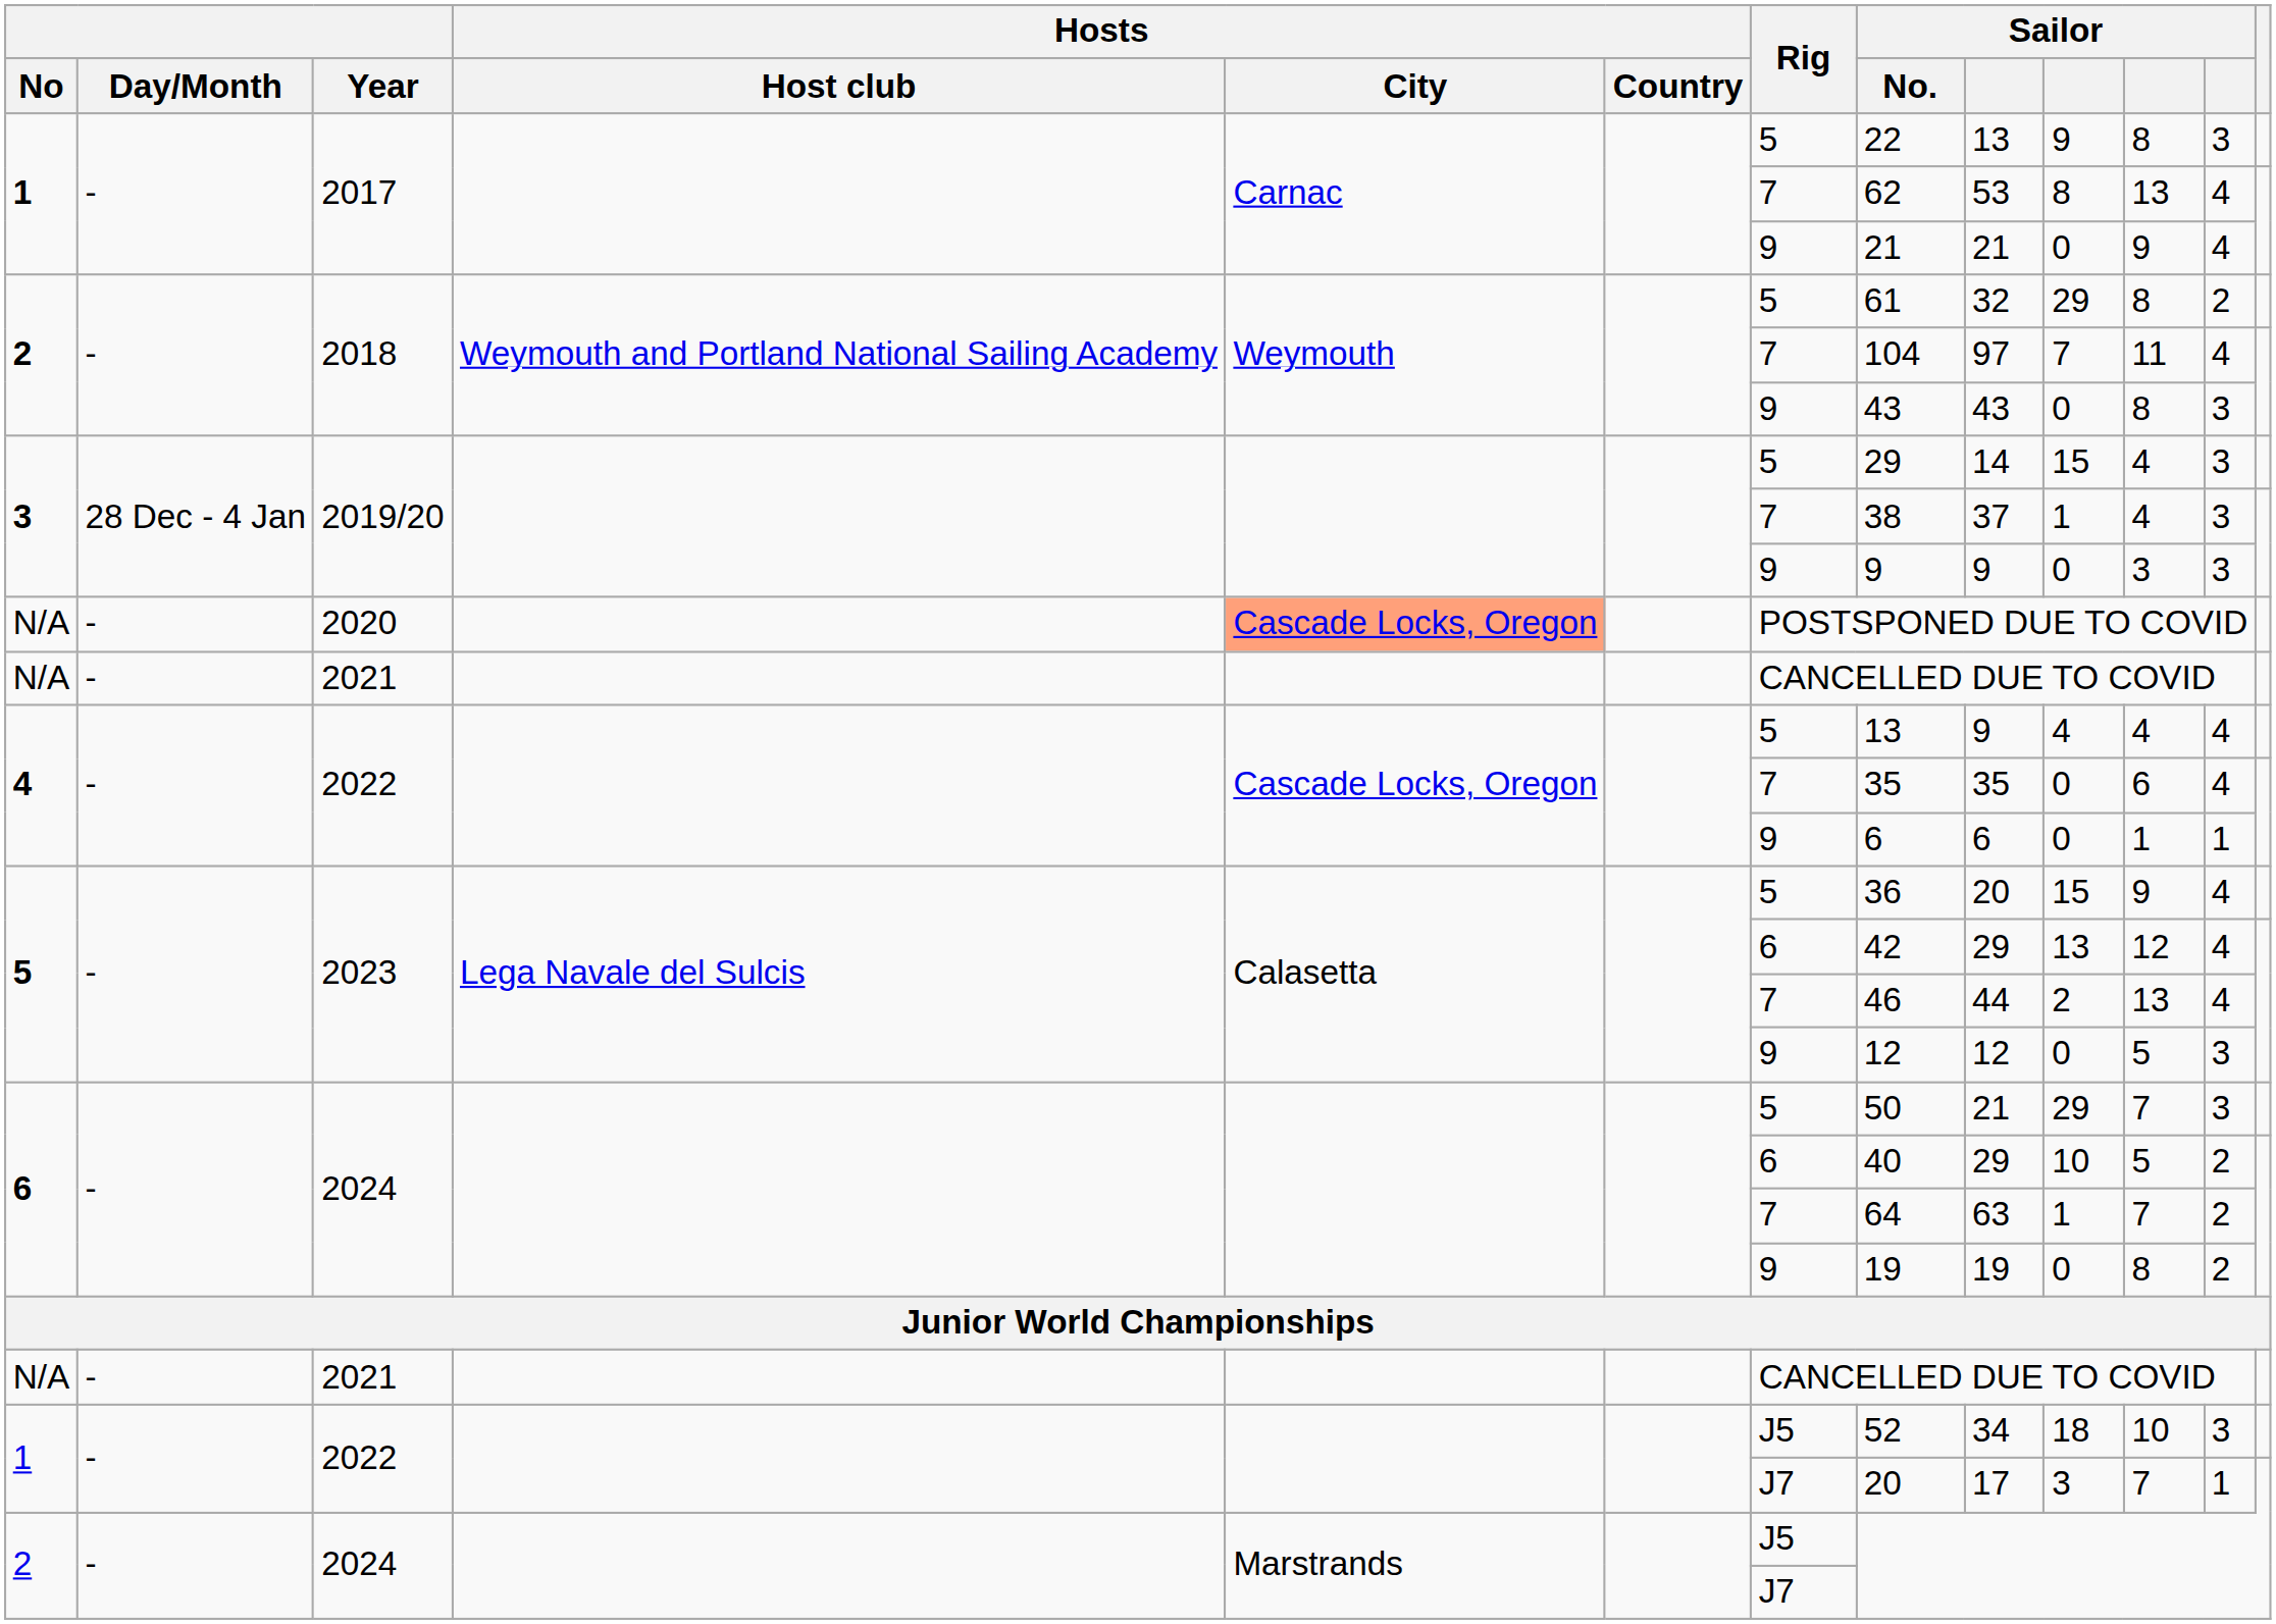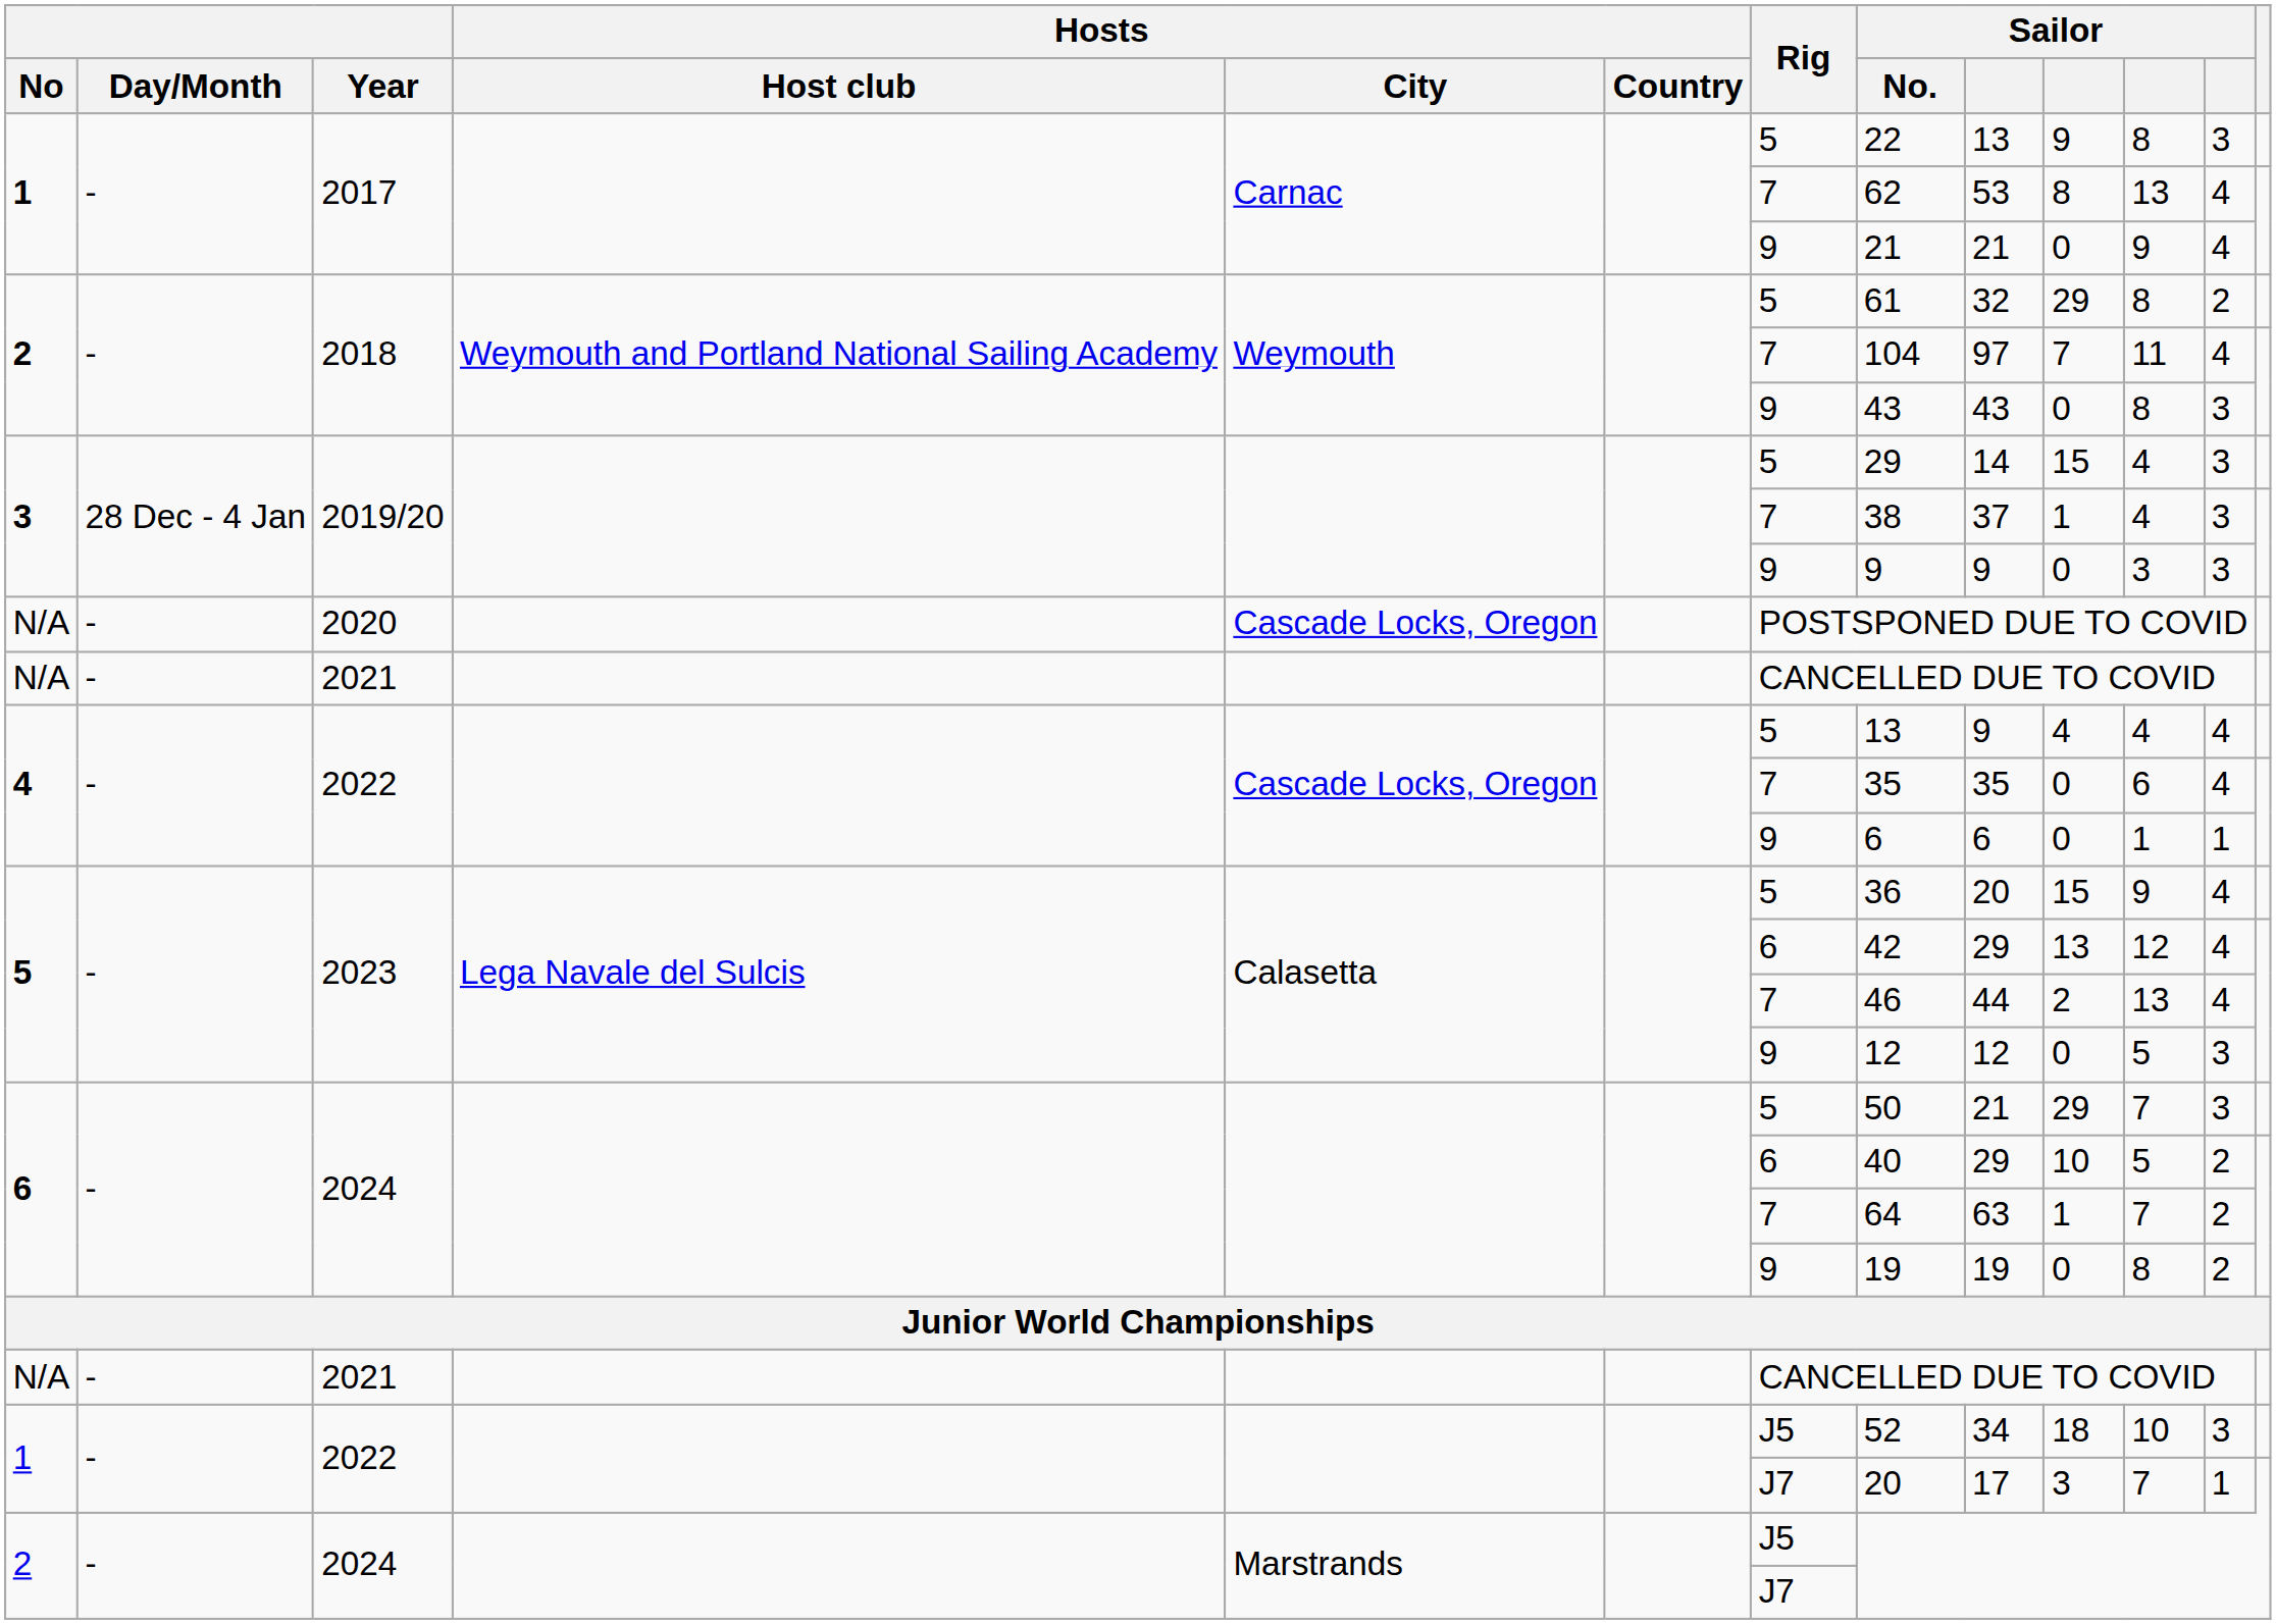 <table class="wikitable">
 <tr>
 <th colspan=3></th>
 <th colspan=3>Hosts</th>
 <th rowspan=2>Rig</th>
 <th colspan=5>Sailor</th>
 <th rowspan=2></th>
 </tr>
 <tr>
 <th>No</th>
 <th>Day/Month</th>
 <th>Year</th>
 <th>Host club</th>
 <th>City</th>
 <th>Country</th>
 <th>No.</th>
 <th></th>
 <th></th>
 <th></th>
 <th></th>
 </tr>
 <tr>
 <td rowspan=3><strong>1</strong></td>
 <td rowspan=3>-</td>
 <td rowspan=3>2017</td>
 <td rowspan=3></td>
 <td rowspan=3><a href='#'>Carnac</a></td>
 <td rowspan=3></td>
 <td>5</td>
 <td>22</td>
 <td>13</td>
 <td>9</td>
 <td>8</td>
 <td>3</td>
 <td></td>
 </tr>
 <tr>
 <td>7</td>
 <td>62</td>
 <td>53</td>
 <td>8</td>
 <td>13</td>
 <td>4</td>
 </tr>
 <tr>
 <td>9</td>
 <td>21</td>
 <td>21</td>
 <td>0</td>
 <td>9</td>
 <td>4</td>
 </tr>
 <tr>
 <td rowspan=3><strong>2</strong></td>
 <td rowspan=3>-</td>
 <td rowspan=3>2018</td>
 <td rowspan=3><a href='#'>Weymouth and Portland National Sailing Academy</a></td>
 <td rowspan=3><a href='#'>Weymouth</a></td>
 <td rowspan=3></td>
 <td>5</td>
 <td>61</td>
 <td>32</td>
 <td>29</td>
 <td>8</td>
 <td>2</td>
 <td></td>
 </tr>
 <tr>
 <td>7</td>
 <td>104</td>
 <td>97</td>
 <td>7</td>
 <td>11</td>
 <td>4</td>
 </tr>
 <tr>
 <td>9</td>
 <td>43</td>
 <td>43</td>
 <td>0</td>
 <td>8</td>
 <td>3</td>
 </tr>
 <tr>
 <td rowspan=3><strong>3</strong></td>
 <td rowspan=3>28 Dec - 4 Jan</td>
 <td rowspan=3>2019/20</td>
 <td rowspan=3></td>
 <td rowspan=3></td>
 <td rowspan=3></td>
 <td>5</td>
 <td>29</td>
 <td>14</td>
 <td>15</td>
 <td>4</td>
 <td>3</td>
 <td></td>
 </tr>
 <tr>
 <td>7</td>
 <td>38</td>
 <td>37</td>
 <td>1</td>
 <td>4</td>
 <td>3</td>
 </tr>
 <tr>
 <td>9</td>
 <td>9</td>
 <td>9</td>
 <td>0</td>
 <td>3</td>
 <td>3</td>
 </tr>
 <tr>
 <td>N/A</td>
 <td>-</td>
 <td>2020</td>
 <td></td>
-<td style="background: lightsalmon;"><a href='#'>Cascade Locks, Oregon</a></td>
+<td><a href='#'>Cascade Locks, Oregon</a></td>
 <td></td>
 <td colspan=6>POSTSPONED DUE TO COVID</td>
 <td></td>
 </tr>
 <tr>
 <td>N/A</td>
 <td>-</td>
 <td>2021</td>
 <td></td>
 <td></td>
 <td></td>
 <td colspan=6>CANCELLED DUE TO COVID</td>
 <td></td>
 </tr>
 <tr>
 <td rowspan=3><strong>4</strong></td>
 <td rowspan=3>-</td>
 <td rowspan=3>2022</td>
 <td rowspan=3></td>
 <td rowspan=3><a href='#'>Cascade Locks, Oregon</a></td>
 <td rowspan=3></td>
 <td>5</td>
 <td>13</td>
 <td>9</td>
 <td>4</td>
 <td>4</td>
 <td>4</td>
 <td></td>
 </tr>
 <tr>
 <td>7</td>
 <td>35</td>
 <td>35</td>
 <td>0</td>
 <td>6</td>
 <td>4</td>
 </tr>
 <tr>
 <td>9</td>
 <td>6</td>
 <td>6</td>
 <td>0</td>
 <td>1</td>
 <td>1</td>
 </tr>
 <tr>
 <td rowspan=4><strong>5</strong></td>
 <td rowspan=4>-</td>
 <td rowspan=4>2023</td>
 <td rowspan=4><a href='#'>Lega Navale del Sulcis</a></td>
 <td rowspan=4>Calasetta</td>
 <td rowspan=4></td>
 <td>5</td>
 <td>36</td>
 <td>20</td>
 <td>15</td>
 <td>9</td>
 <td>4</td>
 <td><br></td>
 </tr>
 <tr>
 <td>6</td>
 <td>42</td>
 <td>29</td>
 <td>13</td>
 <td>12</td>
 <td>4</td>
 </tr>
 <tr>
 <td>7</td>
 <td>46</td>
 <td>44</td>
 <td>2</td>
 <td>13</td>
 <td>4</td>
 </tr>
 <tr>
 <td>9</td>
 <td>12</td>
 <td>12</td>
 <td>0</td>
 <td>5</td>
 <td>3</td>
 </tr>
 <tr>
 <td rowspan=4><strong>6</strong></td>
 <td rowspan=4>-</td>
 <td rowspan=4>2024</td>
 <td rowspan=4></td>
 <td rowspan=4></td>
 <td rowspan=4></td>
 <td>5</td>
 <td>50</td>
 <td>21</td>
 <td>29</td>
 <td>7</td>
 <td>3</td>
 <td></td>
 </tr>
 <tr>
 <td>6</td>
 <td>40</td>
 <td>29</td>
 <td>10</td>
 <td>5</td>
 <td>2</td>
 </tr>
 <tr>
 <td>7</td>
 <td>64</td>
 <td>63</td>
 <td>1</td>
 <td>7</td>
 <td>2</td>
 </tr>
 <tr>
 <td>9</td>
 <td>19</td>
 <td>19</td>
 <td>0</td>
 <td>8</td>
 <td>2</td>
 </tr>
 <tr>
 <th colspan=13>Junior World Championships</th>
 </tr>
 <tr>
 <td>N/A</td>
 <td>-</td>
 <td>2021</td>
 <td></td>
 <td></td>
 <td></td>
 <td colspan=6>CANCELLED DUE TO COVID</td>
 <td></td>
 </tr>
 <tr>
 <td rowspan=2><a href='#'>1</a></td>
 <td rowspan=2>-</td>
 <td rowspan=2>2022</td>
 <td rowspan=2></td>
 <td rowspan=2></td>
 <td rowspan=2></td>
 <td>J5</td>
 <td>52</td>
 <td>34</td>
 <td>18</td>
 <td>10</td>
 <td>3</td>
 <td></td>
 </tr>
 <tr>
 <td>J7</td>
 <td>20</td>
 <td>17</td>
 <td>3</td>
 <td>7</td>
 <td>1</td>
 </tr>
 <tr>
 <td rowspan=2><a href='#'>2</a></td>
 <td rowspan=2>-</td>
 <td rowspan=2>2024</td>
 <td rowspan=2></td>
 <td rowspan=2>Marstrands</td>
 <td rowspan=2></td>
 <td>J5</td>
 </tr>
 <tr>
 <td>J7</td>
 </tr>
 </table>
